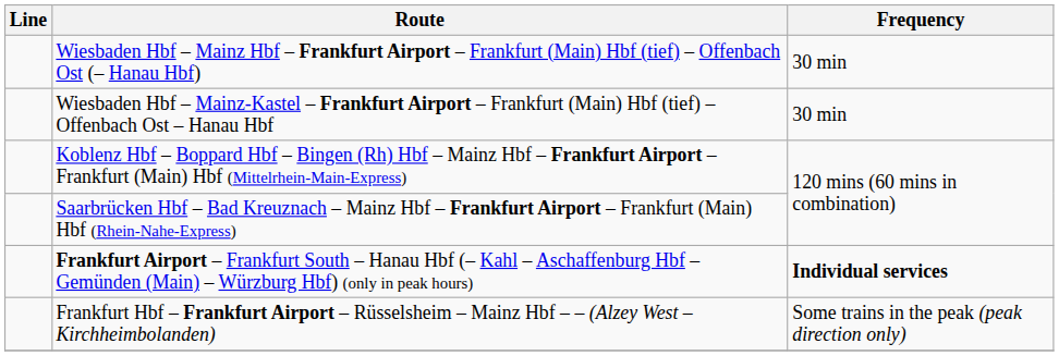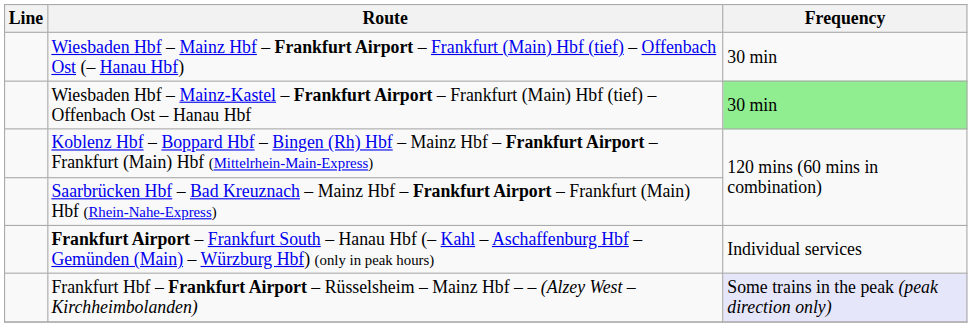 <table class="wikitable">
 <tr>
 <th>Line</th>
 <th>Route</th>
 <th>Frequency</th>
 </tr>
 <tr>
 <td></td>
 <td><a href='#'>Wiesbaden Hbf</a> – <a href='#'>Mainz Hbf</a> – <strong>Frankfurt Airport</strong> – <a href='#'>Frankfurt (Main) Hbf (tief)</a> – <a href='#'>Offenbach Ost</a> (– <a href='#'>Hanau Hbf</a>)</td>
 <td>30 min</td>
 </tr>
 <tr>
 <td></td>
 <td>Wiesbaden Hbf – <a href='#'>Mainz-Kastel</a> – <strong>Frankfurt Airport</strong> – Frankfurt (Main) Hbf (tief) – Offenbach Ost – Hanau Hbf</td>
-<td>30 min</td>
+<td style="background: lightgreen;">30 min</td>
 </tr>
 <tr>
 <td></td>
 <td><a href='#'>Koblenz Hbf</a> – <a href='#'>Boppard Hbf</a> – <a href='#'>Bingen (Rh) Hbf</a> – Mainz Hbf – <strong>Frankfurt Airport</strong> – Frankfurt (Main) Hbf <small>(<a href='#'>Mittelrhein-Main-Express</a>)</small></td>
 <td rowspan=2>120 mins (60 mins in combination)</td>
 </tr>
 <tr>
 <td></td>
 <td><a href='#'>Saarbrücken Hbf</a> – <a href='#'>Bad Kreuznach</a> – Mainz Hbf – <strong>Frankfurt Airport</strong> – Frankfurt (Main) Hbf <small>(<a href='#'>Rhein-Nahe-Express</a>)</small></td>
 </tr>
 <tr>
 <td></td>
 <td><strong>Frankfurt Airport</strong> – <a href='#'>Frankfurt South</a> – Hanau Hbf (– <a href='#'>Kahl</a> – <a href='#'>Aschaffenburg Hbf</a> – <a href='#'>Gemünden (Main)</a> – <a href='#'>Würzburg Hbf</a>) <small>(only in peak hours)</small></td>
-<td><strong>Individual services</strong></td>
+<td>Individual services</td>
 </tr>
 <tr>
 <td></td>
 <td>Frankfurt Hbf – <strong>Frankfurt Airport</strong> – Rüsselsheim – Mainz Hbf –  – <em>(Alzey West – Kirchheimbolanden)</em></td>
-<td>Some trains in the peak <em>(peak direction only)</em></td>
+<td style="background: lavender;">Some trains in the peak <em>(peak direction only)</em></td>
 </tr>
 <tr>
 </tr>
 </table>
